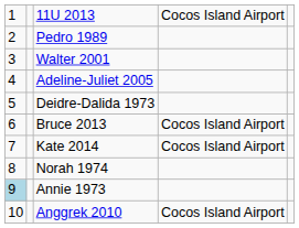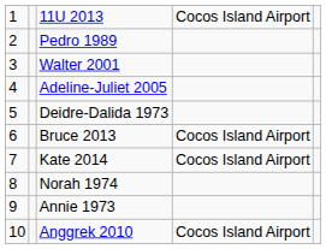 <table class="wikitable">
 <tr>
 <td>1</td>
 <td></td>
 <td><a href='#'>11U 2013</a></td>
 <td>Cocos Island Airport</td>
 <td></td>
 </tr>
 <tr>
 <td>2</td>
 <td></td>
 <td><a href='#'>Pedro 1989</a></td>
 <td></td>
 <td></td>
 </tr>
 <tr>
 <td>3</td>
 <td></td>
 <td><a href='#'>Walter 2001</a></td>
 <td></td>
 <td></td>
 </tr>
 <tr>
 <td>4</td>
 <td></td>
 <td><a href='#'>Adeline-Juliet 2005</a></td>
 <td></td>
 <td></td>
 </tr>
 <tr>
 <td>5</td>
 <td></td>
 <td>Deidre-Dalida 1973</td>
 <td></td>
 <td></td>
 </tr>
 <tr>
 <td>6</td>
 <td></td>
 <td>Bruce 2013</td>
 <td>Cocos Island Airport</td>
 <td></td>
 </tr>
 <tr>
 <td>7</td>
 <td></td>
 <td>Kate 2014</td>
 <td>Cocos Island Airport</td>
 <td></td>
 </tr>
 <tr>
 <td>8</td>
 <td></td>
 <td>Norah 1974</td>
 <td></td>
 <td></td>
 </tr>
 <tr>
-<td style="background: lightblue;">9</td>
+<td>9</td>
 <td></td>
 <td>Annie 1973</td>
 <td></td>
 <td></td>
 </tr>
 <tr>
 <td>10</td>
 <td></td>
 <td><a href='#'>Anggrek 2010</a></td>
 <td>Cocos Island Airport</td>
 <td></td>
 </tr>
 </table>
